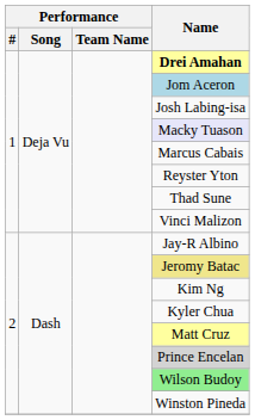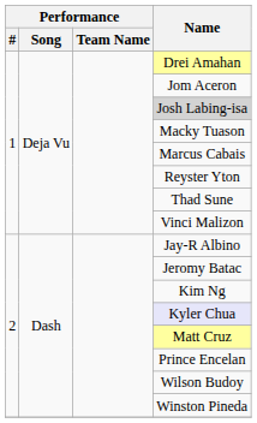 <table class="wikitable sortable" style="text-align:center;">
 <tr>
 <th colspan="3" class=unsortable>Performance</th>
 <th rowspan="2" class=unsortable>Name</th>
 </tr>
 <tr>
 <th class=unsortable>#</th>
 <th class=unsortable>Song</th>
 <th class=unsortable>Team Name</th>
 </tr>
 <tr>
 <td rowspan="8">1</td>
 <td rowspan="8">Deja Vu</td>
 <td rowspan="8"></td>
-<td style="background:#FFFF9F;"><strong>Drei Amahan</strong></td>
+<td style="background:#FFFF9F;">Drei Amahan</td>
 </tr>
 <tr>
-<td style="background: lightblue;">Jom Aceron</td>
+<td>Jom Aceron</td>
 </tr>
 <tr>
-<td>Josh Labing-isa</td>
+<td style="background: lightgrey;">Josh Labing-isa</td>
 </tr>
 <tr>
-<td style="background: lavender;">Macky Tuason</td>
+<td>Macky Tuason</td>
 </tr>
 <tr>
 <td>Marcus Cabais</td>
 </tr>
 <tr>
 <td>Reyster Yton</td>
 </tr>
 <tr>
 <td>Thad Sune</td>
 </tr>
 <tr>
 <td>Vinci Malizon</td>
 </tr>
 <tr>
 <td rowspan="8">2</td>
 <td rowspan="8">Dash</td>
 <td rowspan="8"></td>
 <td>Jay-R Albino</td>
 </tr>
 <tr>
-<td style="background: khaki;">Jeromy Batac</td>
+<td>Jeromy Batac</td>
 </tr>
 <tr>
 <td>Kim Ng</td>
 </tr>
 <tr>
-<td>Kyler Chua</td>
+<td style="background: lavender;">Kyler Chua</td>
 </tr>
 <tr>
 <td style="background:#FFFF9F;">Matt Cruz </td>
 </tr>
 <tr>
-<td style="background: lightgrey;">Prince Encelan </td>
+<td>Prince Encelan </td>
 </tr>
 <tr>
-<td style="background: lightgreen;">Wilson Budoy</td>
+<td>Wilson Budoy</td>
 </tr>
 <tr>
 <td>Winston Pineda</td>
 </tr>
 <tr>
 </tr>
 </table>
